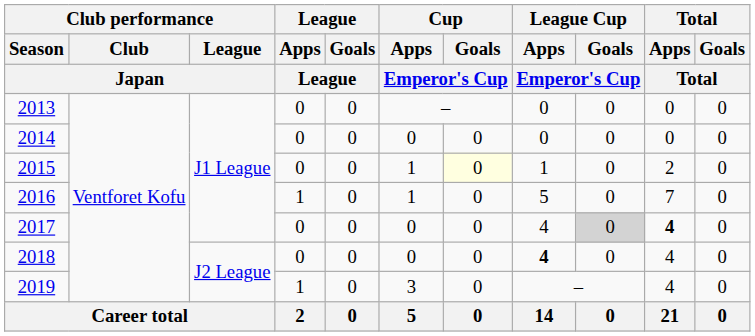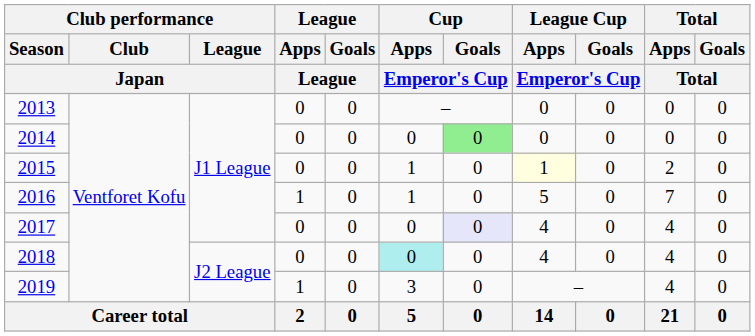 <table class="wikitable" style="text-align:center">
 <tr>
 <th colspan=3>Club performance</th>
 <th colspan=2>League</th>
 <th colspan=2>Cup</th>
 <th colspan=2>League Cup</th>
 <th colspan=2>Total</th>
 </tr>
 <tr>
 <th>Season</th>
 <th>Club</th>
 <th>League</th>
 <th>Apps</th>
 <th>Goals</th>
 <th>Apps</th>
 <th>Goals</th>
 <th>Apps</th>
 <th>Goals</th>
 <th>Apps</th>
 <th>Goals</th>
 </tr>
 <tr>
 <th colspan=3>Japan</th>
 <th colspan=2>League</th>
 <th colspan=2><a href='#'>Emperor's Cup</a></th>
 <th colspan=2><a href='#'>Emperor's Cup</a></th>
 <th colspan=2>Total</th>
 </tr>
 <tr>
 <td><a href='#'>2013</a></td>
 <td rowspan="7"><a href='#'>Ventforet Kofu</a></td>
 <td rowspan="5"><a href='#'>J1 League</a></td>
 <td>0</td>
 <td>0</td>
 <td colspan="2">–</td>
 <td>0</td>
 <td>0</td>
 <td>0</td>
 <td>0</td>
 </tr>
 <tr>
 <td><a href='#'>2014</a></td>
 <td>0</td>
 <td>0</td>
 <td>0</td>
-<td>0</td>
+<td style="background: lightgreen;">0</td>
 <td>0</td>
 <td>0</td>
 <td>0</td>
 <td>0</td>
 </tr>
 <tr>
 <td><a href='#'>2015</a></td>
 <td>0</td>
 <td>0</td>
 <td>1</td>
-<td style="background: lightyellow;">0</td>
-<td>1</td>
+<td>0</td>
+<td style="background: lightyellow;">1</td>
 <td>0</td>
 <td>2</td>
 <td>0</td>
 </tr>
 <tr>
 <td><a href='#'>2016</a></td>
 <td>1</td>
 <td>0</td>
 <td>1</td>
 <td>0</td>
 <td>5</td>
 <td>0</td>
 <td>7</td>
 <td>0</td>
 </tr>
 <tr>
 <td><a href='#'>2017</a></td>
 <td>0</td>
 <td>0</td>
 <td>0</td>
+<td style="background: lavender;">0</td>
+<td>4</td>
 <td>0</td>
 <td>4</td>
-<td style="background: lightgrey;">0</td>
-<td><strong>4</strong></td>
 <td>0</td>
 </tr>
 <tr>
 <td><a href='#'>2018</a></td>
 <td rowspan="2"><a href='#'>J2 League</a></td>
 <td>0</td>
 <td>0</td>
+<td style="background: paleturquoise;">0</td>
 <td>0</td>
-<td>0</td>
-<td><strong>4</strong></td>
+<td>4</td>
 <td>0</td>
 <td>4</td>
 <td>0</td>
 </tr>
 <tr>
 <td><a href='#'>2019</a></td>
 <td>1</td>
 <td>0</td>
 <td>3</td>
 <td>0</td>
 <td colspan="2">–</td>
 <td>4</td>
 <td>0</td>
 </tr>
 <tr>
 <th colspan=3>Career total</th>
 <th>2</th>
 <th>0</th>
 <th>5</th>
 <th>0</th>
 <th>14</th>
 <th>0</th>
 <th>21</th>
 <th>0</th>
 </tr>
 </table>
